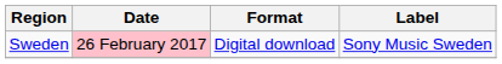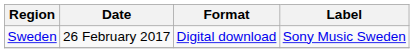 <table class=wikitable>
 <tr>
 <th>Region</th>
 <th>Date</th>
 <th>Format</th>
 <th>Label</th>
 </tr>
 <tr>
 <td><a href='#'>Sweden</a></td>
-<td style="background: pink;">26 February 2017</td>
+<td>26 February 2017</td>
 <td><a href='#'>Digital download</a></td>
 <td><a href='#'>Sony Music Sweden</a></td>
 </tr>
 <tr>
 </tr>
 </table>
